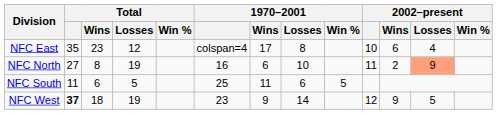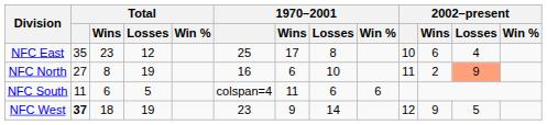 <table class="wikitable sortable plainrowheaders" style="text-align:center;">
 <tr>
 <th scope="col" rowspan=2>Division</th>
 <th scope="col" colspan=4>Total</th>
 <th scope="col" colspan=4>1970–2001</th>
 <th scope="col" colspan=4>2002–present</th>
 </tr>
 <tr>
 <th scope="col"></th>
 <th scope="col">Wins</th>
 <th scope="col">Losses</th>
 <th scope="col">Win %</th>
 <th scope="col"></th>
 <th scope="col">Wins</th>
 <th scope="col">Losses</th>
 <th scope="col">Win %</th>
 <th scope="col"></th>
 <th scope="col">Wins</th>
 <th scope="col">Losses</th>
 <th scope="col">Win %</th>
 </tr>
 <tr>
 <td><a href='#'>NFC East</a></td>
 <td>35</td>
 <td>23</td>
 <td>12</td>
 <td></td>
-<td>colspan=4 </td>
+<td>25</td>
 <td>17</td>
 <td>8</td>
 <td></td>
 <td>10</td>
 <td>6</td>
 <td>4</td>
 <td></td>
 </tr>
 <tr>
 <td><a href='#'>NFC North</a></td>
 <td>27</td>
 <td>8</td>
 <td>19</td>
 <td></td>
 <td>16</td>
 <td>6</td>
 <td>10</td>
 <td></td>
 <td>11</td>
 <td>2</td>
 <td style="background: lightsalmon;">9</td>
 <td></td>
 </tr>
 <tr>
 <td><a href='#'>NFC South</a></td>
 <td>11</td>
 <td>6</td>
 <td>5</td>
 <td></td>
-<td>25</td>
+<td>colspan=4 </td>
 <td>11</td>
 <td>6</td>
-<td>5</td>
+<td>6</td>
 <td></td>
 </tr>
 <tr>
 <td><a href='#'>NFC West</a></td>
 <td><strong>37</strong></td>
 <td>18</td>
 <td>19</td>
 <td></td>
 <td>23</td>
 <td>9</td>
 <td>14</td>
 <td></td>
 <td>12</td>
 <td>9</td>
 <td>5</td>
 <td></td>
 </tr>
 </table>
